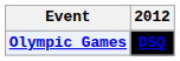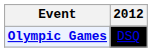 <table class="wikitable" style="font-size: 90%; text-align:center">
 <tr>
 <th>Event</th>
 <th>2012</th>
 </tr>
 <tr>
 <td bgcolor="#ECF2FF"; align="left"><strong><a href='#'>Olympic Games</a></strong></td>
-<td style="background:#000000; color:white"><strong><a href='#'>DSQ</a></strong></td>
+<td style="background:#000000; color:white"><a href='#'>DSQ</a></td>
 </tr>
 </table>
